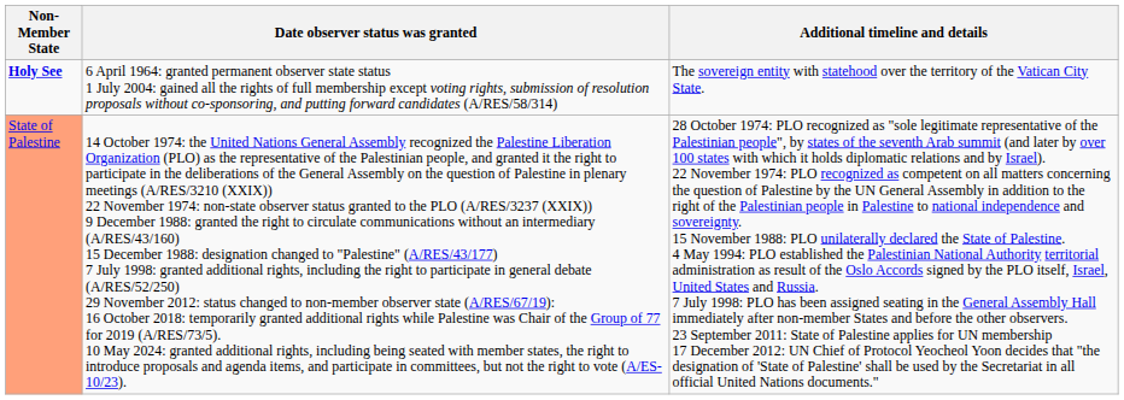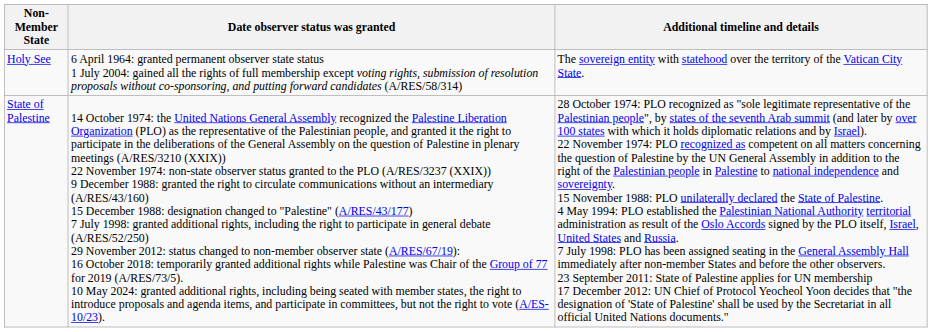 <table class="wikitable">
 <tr>
 <th>Non-Member State</th>
 <th>Date observer status was granted</th>
 <th>Additional timeline and details</th>
 </tr>
 <tr>
-<td valign=top><strong> <a href='#'>Holy See</a></strong></td>
+<td valign=top> <a href='#'>Holy See</a></td>
 <td valign=top>6 April 1964: granted permanent observer state status<br> 1 July 2004: gained all the rights of full membership except <em>voting rights, submission of resolution proposals without co-sponsoring, and putting forward candidates</em> (A/RES/58/314)</td>
 <td valign=top>The <a href='#'>sovereign entity</a> with <a href='#'>statehood</a> over the territory of the <a href='#'>Vatican City State</a>.</td>
 </tr>
 <tr>
-<td valign=top style="background: lightsalmon;"> <a href='#'>State of Palestine</a></td>
+<td valign=top> <a href='#'>State of Palestine</a></td>
 <td valign=top><br>14 October 1974: the <a href='#'>United Nations General Assembly</a> recognized the <a href='#'>Palestine Liberation Organization</a> (PLO) as the representative of the Palestinian people, and granted it the right to participate in the deliberations of the General Assembly on the question of Palestine in plenary meetings (A/RES/3210 (XXIX))<br> 22 November 1974: non-state observer status granted to the PLO (A/RES/3237 (XXIX)) <br>9 December 1988: granted the right to circulate communications without an intermediary (A/RES/43/160)  <br>15 December 1988: designation changed to "Palestine" (<a href='#'>A/RES/43/177</a>) <br>7 July 1998: granted additional rights, including the right to participate in general debate (A/RES/52/250)<br>29 November 2012: status changed to non-member observer state (<a href='#'>A/RES/67/19</a>):<br>16 October 2018: temporarily granted additional rights while Palestine was Chair of the <a href='#'>Group of 77</a> for 2019 (A/RES/73/5).<br>10 May 2024: granted additional rights, including being seated with member states, the right to introduce proposals and agenda items, and participate in committees, but not the right to vote (<a href='#'>A/ES-10/23</a>).</td>
 <td valign=top>28 October 1974: PLO recognized as "sole legitimate representative of the <a href='#'>Palestinian people</a>", by <a href='#'>states of the seventh Arab summit</a> (and later by <a href='#'>over 100 states</a> with which it holds diplomatic relations and by <a href='#'>Israel</a>).<br>22 November 1974: PLO <a href='#'>recognized as</a> competent on all matters concerning the question of Palestine by the UN General Assembly in addition to the right of the <a href='#'>Palestinian people</a> in <a href='#'>Palestine</a> to <a href='#'>national independence</a> and <a href='#'>sovereignty</a>.<br>15 November 1988: PLO <a href='#'>unilaterally declared</a> the <a href='#'>State of Palestine</a>.<br>4 May 1994: PLO established the <a href='#'>Palestinian National Authority</a> <a href='#'>territorial</a> administration as result of the <a href='#'>Oslo Accords</a> signed by the PLO itself, <a href='#'>Israel</a>, <a href='#'>United States</a> and <a href='#'>Russia</a>.<br>7 July 1998: PLO has been assigned seating in the <a href='#'>General Assembly Hall</a> immediately after non-member States and before the other observers.<br>23 September 2011: State of Palestine applies for UN membership<br>17 December 2012: UN Chief of Protocol Yeocheol Yoon decides that "the designation of 'State of Palestine' shall be used by the Secretariat in all official United Nations documents."</td>
 </tr>
 </table>
